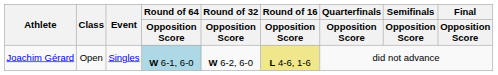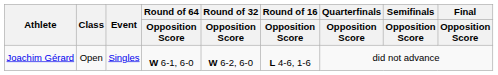 <table class=wikitable style="font-size:90%">
 <tr>
 <th rowspan="2">Athlete</th>
 <th rowspan="2">Class</th>
 <th rowspan="2">Event</th>
 <th>Round of 64</th>
 <th>Round of 32</th>
 <th>Round of 16</th>
 <th>Quarterfinals</th>
 <th>Semifinals</th>
 <th>Final</th>
 </tr>
 <tr>
 <th>Opposition<br>Score</th>
 <th>Opposition<br>Score</th>
 <th>Opposition<br>Score</th>
 <th>Opposition<br>Score</th>
 <th>Opposition<br>Score</th>
 <th>Opposition<br>Score</th>
 </tr>
 <tr>
 <td><a href='#'>Joachim Gérard</a></td>
 <td align="center">Open</td>
 <td><a href='#'>Singles</a></td>
-<td align="center" style="background: lightblue;"><br><strong>W</strong> 6-1, 6-0</td>
+<td align="center"><br><strong>W</strong> 6-1, 6-0</td>
 <td align="center"><br><strong>W</strong> 6-2, 6-0</td>
-<td align="center" style="background: khaki;"><br><strong>L</strong> 4-6, 1-6</td>
+<td align="center"><br><strong>L</strong> 4-6, 1-6</td>
 <td align="center" colspan="3">did not advance</td>
 </tr>
 </table>
